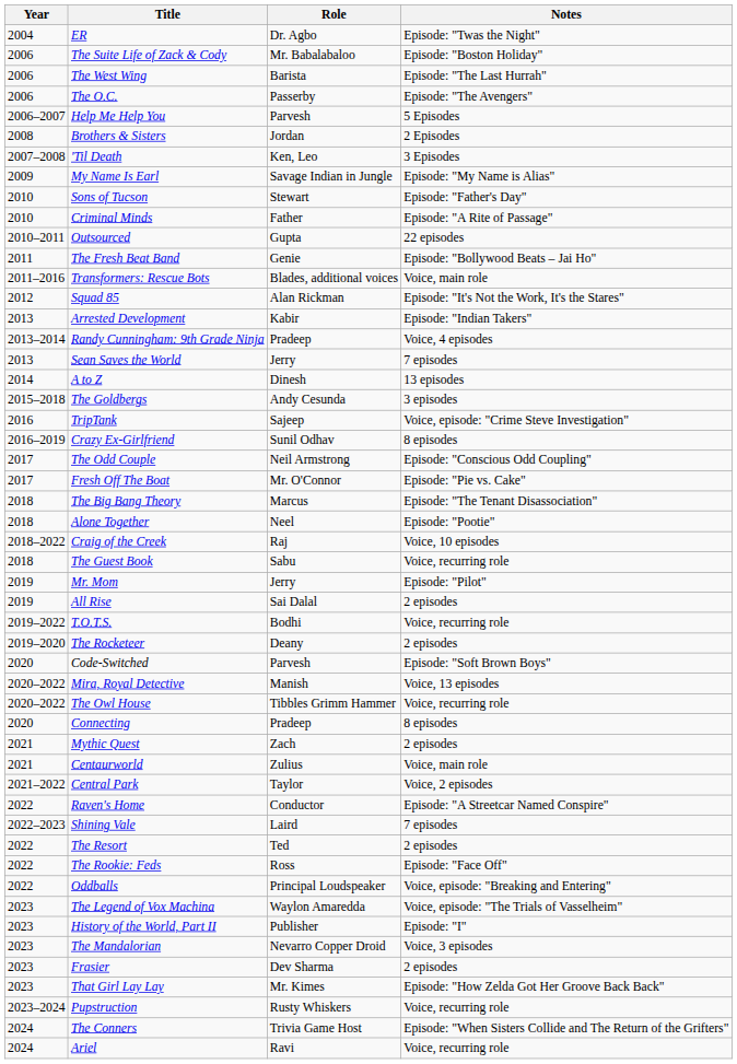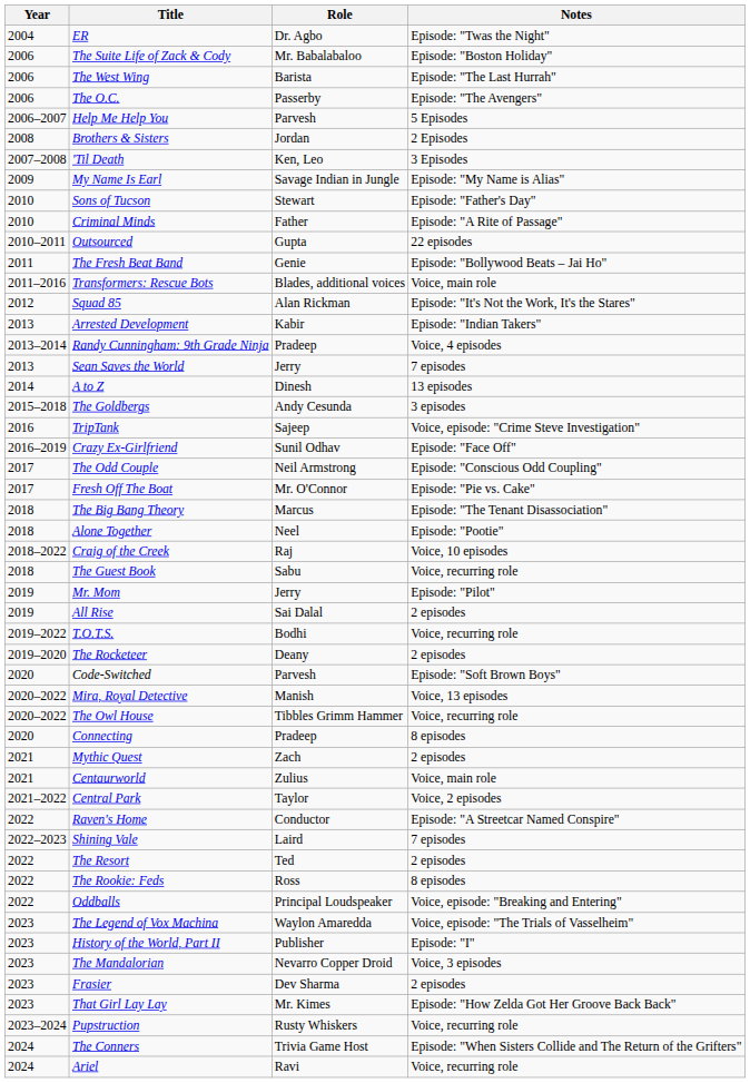 <table class="wikitable sortable">
 <tr>
 <th>Year</th>
 <th>Title</th>
 <th>Role</th>
 <th class="unsortable">Notes</th>
 </tr>
 <tr>
 <td>2004</td>
 <td><em><a href='#'>ER</a></em></td>
 <td>Dr. Agbo</td>
 <td>Episode: "Twas the Night"</td>
 </tr>
 <tr>
 <td>2006</td>
 <td><em><a href='#'>The Suite Life of Zack & Cody</a></em></td>
 <td>Mr. Babalabaloo</td>
 <td>Episode: "Boston Holiday"</td>
 </tr>
 <tr>
 <td>2006</td>
 <td><em><a href='#'>The West Wing</a></em></td>
 <td>Barista</td>
 <td>Episode: "The Last Hurrah"</td>
 </tr>
 <tr>
 <td>2006</td>
 <td><em><a href='#'>The O.C.</a></em></td>
 <td>Passerby</td>
 <td>Episode: "The Avengers"</td>
 </tr>
 <tr>
 <td>2006–2007</td>
 <td><em><a href='#'>Help Me Help You</a></em></td>
 <td>Parvesh</td>
 <td>5 Episodes</td>
 </tr>
 <tr>
 <td>2008</td>
 <td><em><a href='#'>Brothers & Sisters</a></em></td>
 <td>Jordan</td>
 <td>2 Episodes</td>
 </tr>
 <tr>
 <td>2007–2008</td>
 <td><em><a href='#'>'Til Death</a></em></td>
 <td>Ken, Leo</td>
 <td>3 Episodes</td>
 </tr>
 <tr>
 <td>2009</td>
 <td><em><a href='#'>My Name Is Earl</a></em></td>
 <td>Savage Indian in Jungle</td>
 <td>Episode: "My Name is Alias"</td>
 </tr>
 <tr>
 <td>2010</td>
 <td><em><a href='#'>Sons of Tucson</a></em></td>
 <td>Stewart</td>
 <td>Episode: "Father's Day"</td>
 </tr>
 <tr>
 <td>2010</td>
 <td><em><a href='#'>Criminal Minds</a></em></td>
 <td>Father</td>
 <td>Episode: "A Rite of Passage"</td>
 </tr>
 <tr>
 <td>2010–2011</td>
 <td><em><a href='#'>Outsourced</a></em></td>
 <td>Gupta</td>
 <td>22 episodes</td>
 </tr>
 <tr>
 <td>2011</td>
 <td><em><a href='#'>The Fresh Beat Band</a></em></td>
 <td>Genie</td>
 <td>Episode: "Bollywood Beats – Jai Ho"</td>
 </tr>
 <tr>
 <td>2011–2016</td>
 <td><em><a href='#'>Transformers: Rescue Bots</a></em></td>
 <td>Blades, additional voices</td>
 <td>Voice, main role</td>
 </tr>
 <tr>
 <td>2012</td>
 <td><em><a href='#'>Squad 85</a></em></td>
 <td>Alan Rickman</td>
 <td>Episode: "It's Not the Work, It's the Stares"</td>
 </tr>
 <tr>
 <td>2013</td>
 <td><em><a href='#'>Arrested Development</a></em></td>
 <td>Kabir</td>
 <td>Episode: "Indian Takers"</td>
 </tr>
 <tr>
 <td>2013–2014</td>
 <td><em><a href='#'>Randy Cunningham: 9th Grade Ninja</a></em></td>
 <td>Pradeep</td>
 <td>Voice, 4 episodes</td>
 </tr>
 <tr>
 <td>2013</td>
 <td><em><a href='#'>Sean Saves the World</a></em></td>
 <td>Jerry</td>
 <td>7 episodes</td>
 </tr>
 <tr>
 <td>2014</td>
 <td><em><a href='#'>A to Z</a></em></td>
 <td>Dinesh</td>
 <td>13 episodes</td>
 </tr>
 <tr>
 <td>2015–2018</td>
 <td><em><a href='#'>The Goldbergs</a></em></td>
 <td>Andy Cesunda</td>
 <td>3 episodes</td>
 </tr>
 <tr>
 <td>2016</td>
 <td><em><a href='#'>TripTank</a></em></td>
 <td>Sajeep</td>
 <td>Voice, episode: "Crime Steve Investigation"</td>
 </tr>
 <tr>
 <td>2016–2019</td>
 <td><em><a href='#'>Crazy Ex-Girlfriend</a></em></td>
 <td>Sunil Odhav</td>
-<td>8 episodes</td>
+<td>Episode: "Face Off"</td>
 </tr>
 <tr>
 <td>2017</td>
 <td><em><a href='#'>The Odd Couple</a></em></td>
 <td>Neil Armstrong</td>
 <td>Episode: "Conscious Odd Coupling"</td>
 </tr>
 <tr>
 <td>2017</td>
 <td><em><a href='#'>Fresh Off The Boat</a></em></td>
 <td>Mr. O'Connor</td>
 <td>Episode: "Pie vs. Cake"</td>
 </tr>
 <tr>
 <td>2018</td>
 <td><em><a href='#'>The Big Bang Theory</a></em></td>
 <td>Marcus</td>
 <td>Episode: "The Tenant Disassociation"</td>
 </tr>
 <tr>
 <td>2018</td>
 <td><em><a href='#'>Alone Together</a></em></td>
 <td>Neel</td>
 <td>Episode: "Pootie"</td>
 </tr>
 <tr>
 <td>2018–2022</td>
 <td><em><a href='#'>Craig of the Creek</a></em></td>
 <td>Raj</td>
 <td>Voice, 10 episodes</td>
 </tr>
 <tr>
 <td>2018</td>
 <td><em><a href='#'>The Guest Book</a></em></td>
 <td>Sabu</td>
 <td>Voice, recurring role</td>
 </tr>
 <tr>
 <td>2019</td>
 <td><em><a href='#'>Mr. Mom</a></em></td>
 <td>Jerry</td>
 <td>Episode: "Pilot"</td>
 </tr>
 <tr>
 <td>2019</td>
 <td><em><a href='#'>All Rise</a></em></td>
 <td>Sai Dalal</td>
 <td>2 episodes</td>
 </tr>
 <tr>
 <td>2019–2022</td>
 <td><em><a href='#'>T.O.T.S.</a></em></td>
 <td>Bodhi</td>
 <td>Voice, recurring role</td>
 </tr>
 <tr>
 <td>2019–2020</td>
 <td><em><a href='#'>The Rocketeer</a></em></td>
 <td>Deany</td>
 <td>2 episodes</td>
 </tr>
 <tr>
 <td>2020</td>
 <td><em>Code-Switched</em></td>
 <td>Parvesh</td>
 <td>Episode: "Soft Brown Boys"</td>
 </tr>
 <tr>
 <td>2020–2022</td>
 <td><em><a href='#'>Mira, Royal Detective</a></em></td>
 <td>Manish</td>
 <td>Voice, 13 episodes</td>
 </tr>
 <tr>
 <td>2020–2022</td>
 <td><em><a href='#'>The Owl House</a></em></td>
 <td>Tibbles Grimm Hammer</td>
 <td>Voice, recurring role</td>
 </tr>
 <tr>
 <td>2020</td>
 <td><em><a href='#'>Connecting</a></em></td>
 <td>Pradeep</td>
 <td>8 episodes</td>
 </tr>
 <tr>
 <td>2021</td>
 <td><em><a href='#'>Mythic Quest</a></em></td>
 <td>Zach</td>
 <td>2 episodes</td>
 </tr>
 <tr>
 <td>2021</td>
 <td><em><a href='#'>Centaurworld</a></em></td>
 <td>Zulius</td>
 <td>Voice, main role</td>
 </tr>
 <tr>
 <td>2021–2022</td>
 <td><em><a href='#'>Central Park</a></em></td>
 <td>Taylor</td>
 <td>Voice, 2 episodes</td>
 </tr>
 <tr>
 <td>2022</td>
 <td><em><a href='#'>Raven's Home</a></em></td>
 <td>Conductor</td>
 <td>Episode: "A Streetcar Named Conspire"</td>
 </tr>
 <tr>
 <td>2022–2023</td>
 <td><em><a href='#'>Shining Vale</a></em></td>
 <td>Laird</td>
 <td>7 episodes</td>
 </tr>
 <tr>
 <td>2022</td>
 <td><em><a href='#'>The Resort</a></em></td>
 <td>Ted</td>
 <td>2 episodes</td>
 </tr>
 <tr>
 <td>2022</td>
 <td><em><a href='#'>The Rookie: Feds</a></em></td>
 <td>Ross</td>
-<td>Episode: "Face Off"</td>
+<td>8 episodes</td>
 </tr>
 <tr>
 <td>2022</td>
 <td><em><a href='#'>Oddballs</a></em></td>
 <td>Principal Loudspeaker</td>
 <td>Voice, episode: "Breaking and Entering"</td>
 </tr>
 <tr>
 <td>2023</td>
 <td><em><a href='#'>The Legend of Vox Machina</a></em></td>
 <td>Waylon Amaredda</td>
 <td>Voice, episode: "The Trials of Vasselheim"</td>
 </tr>
 <tr>
 <td>2023</td>
 <td><em><a href='#'>History of the World, Part II</a></em></td>
 <td>Publisher</td>
 <td>Episode: "I"</td>
 </tr>
 <tr>
 <td>2023</td>
 <td><em><a href='#'>The Mandalorian</a></em></td>
 <td>Nevarro Copper Droid</td>
 <td>Voice, 3 episodes</td>
 </tr>
 <tr>
 <td>2023</td>
 <td><em><a href='#'>Frasier</a></em></td>
 <td>Dev Sharma</td>
 <td>2 episodes</td>
 </tr>
 <tr>
 <td>2023</td>
 <td><em><a href='#'>That Girl Lay Lay</a></em></td>
 <td>Mr. Kimes</td>
 <td>Episode: "How Zelda Got Her Groove Back Back"</td>
 </tr>
 <tr>
 <td>2023–2024</td>
 <td><em><a href='#'>Pupstruction</a></em></td>
 <td>Rusty Whiskers</td>
 <td>Voice, recurring role</td>
 </tr>
 <tr>
 <td>2024</td>
 <td><em><a href='#'>The Conners</a></em></td>
 <td>Trivia Game Host</td>
 <td>Episode: "When Sisters Collide and The Return of the Grifters"</td>
 </tr>
 <tr>
 <td>2024</td>
 <td><em><a href='#'>Ariel</a></em></td>
 <td>Ravi</td>
 <td>Voice, recurring role</td>
 </tr>
 </table>
